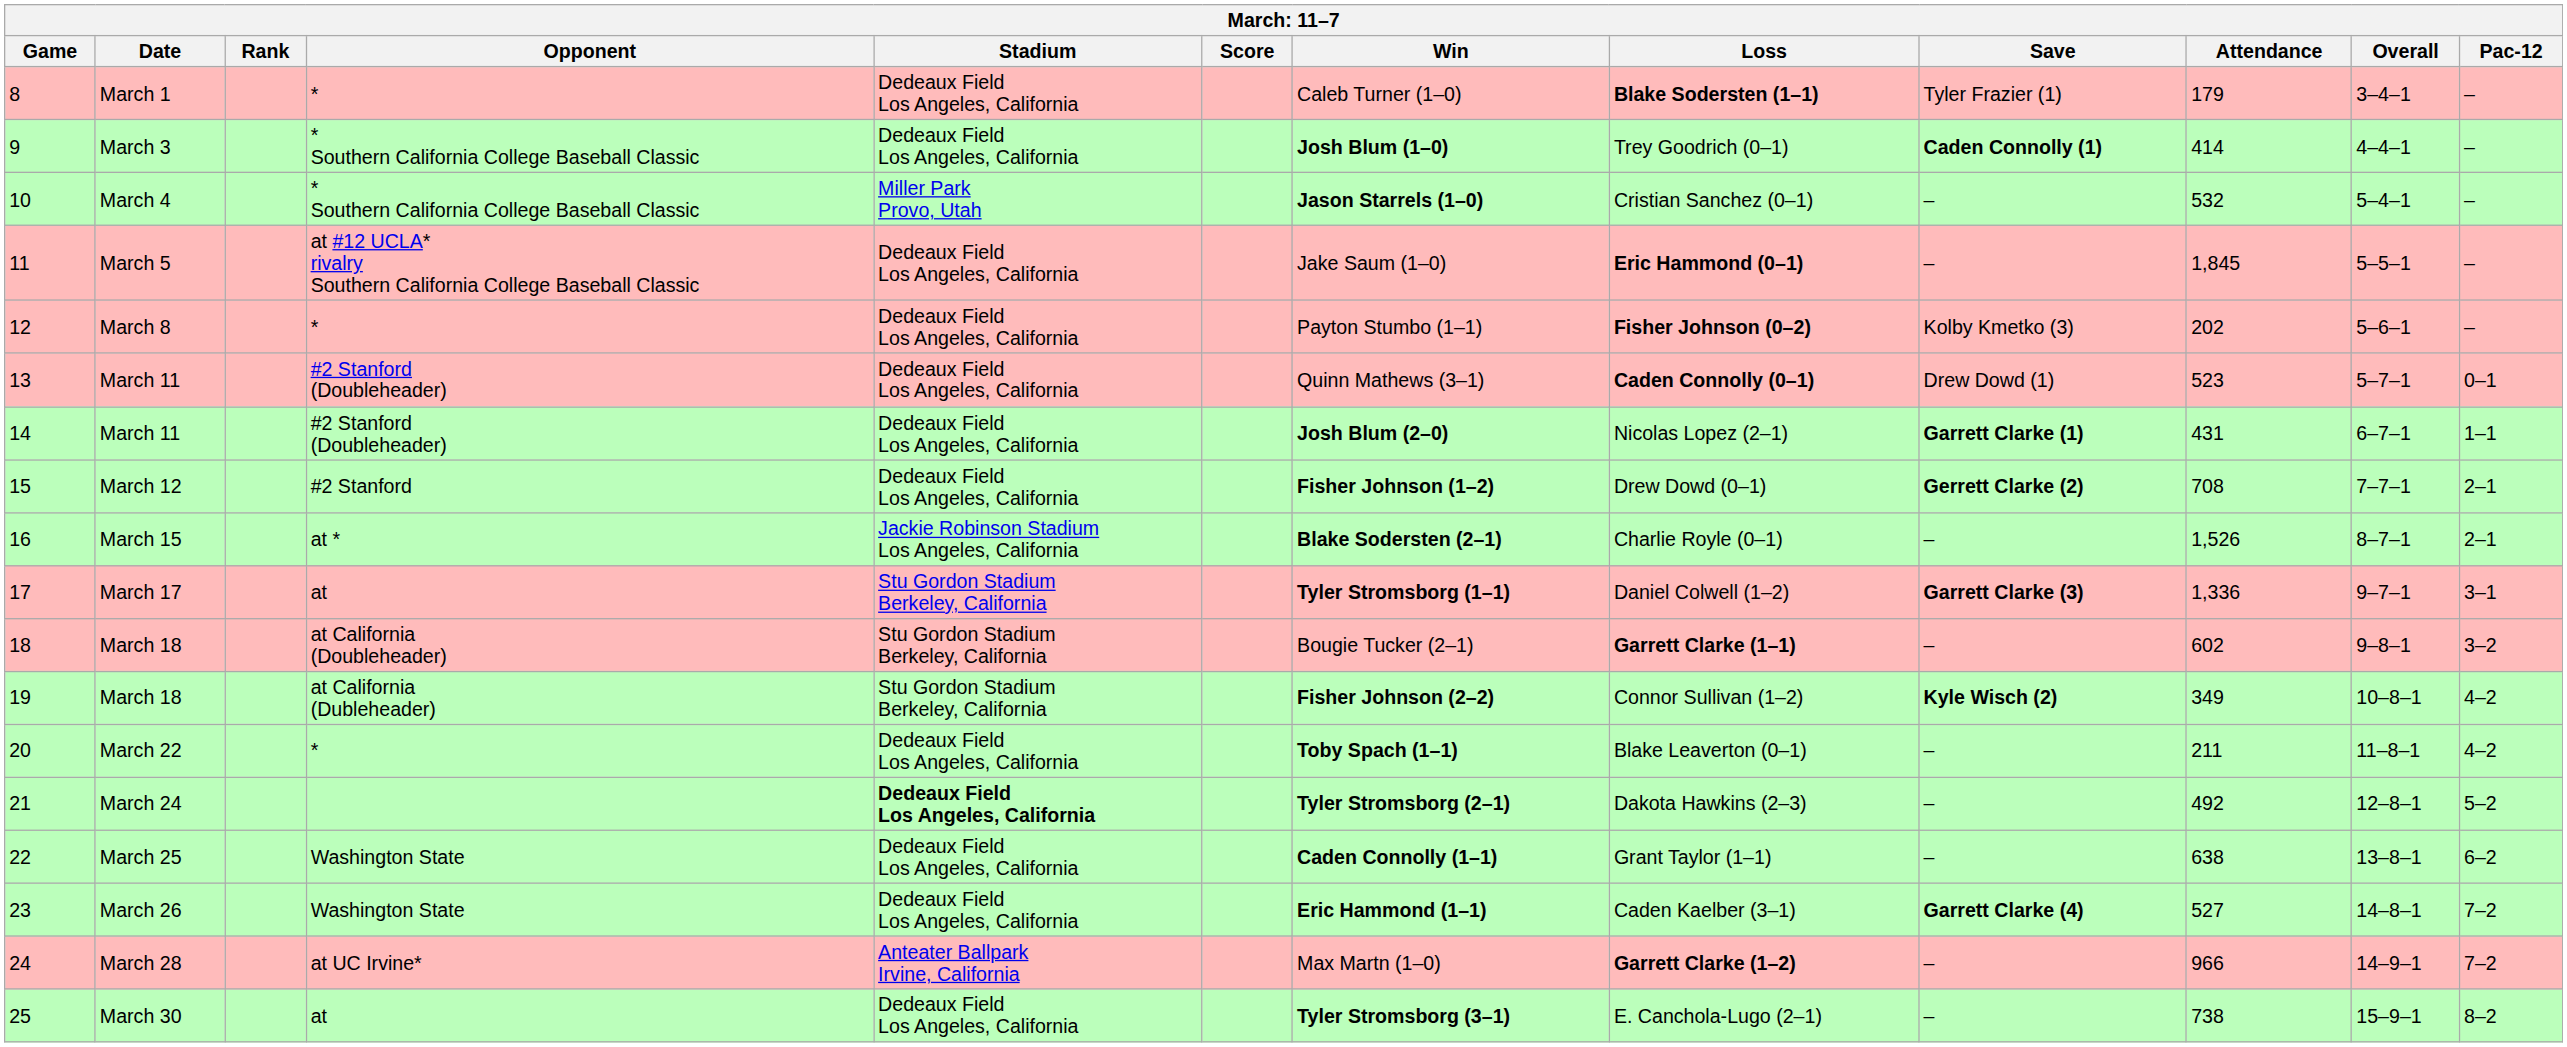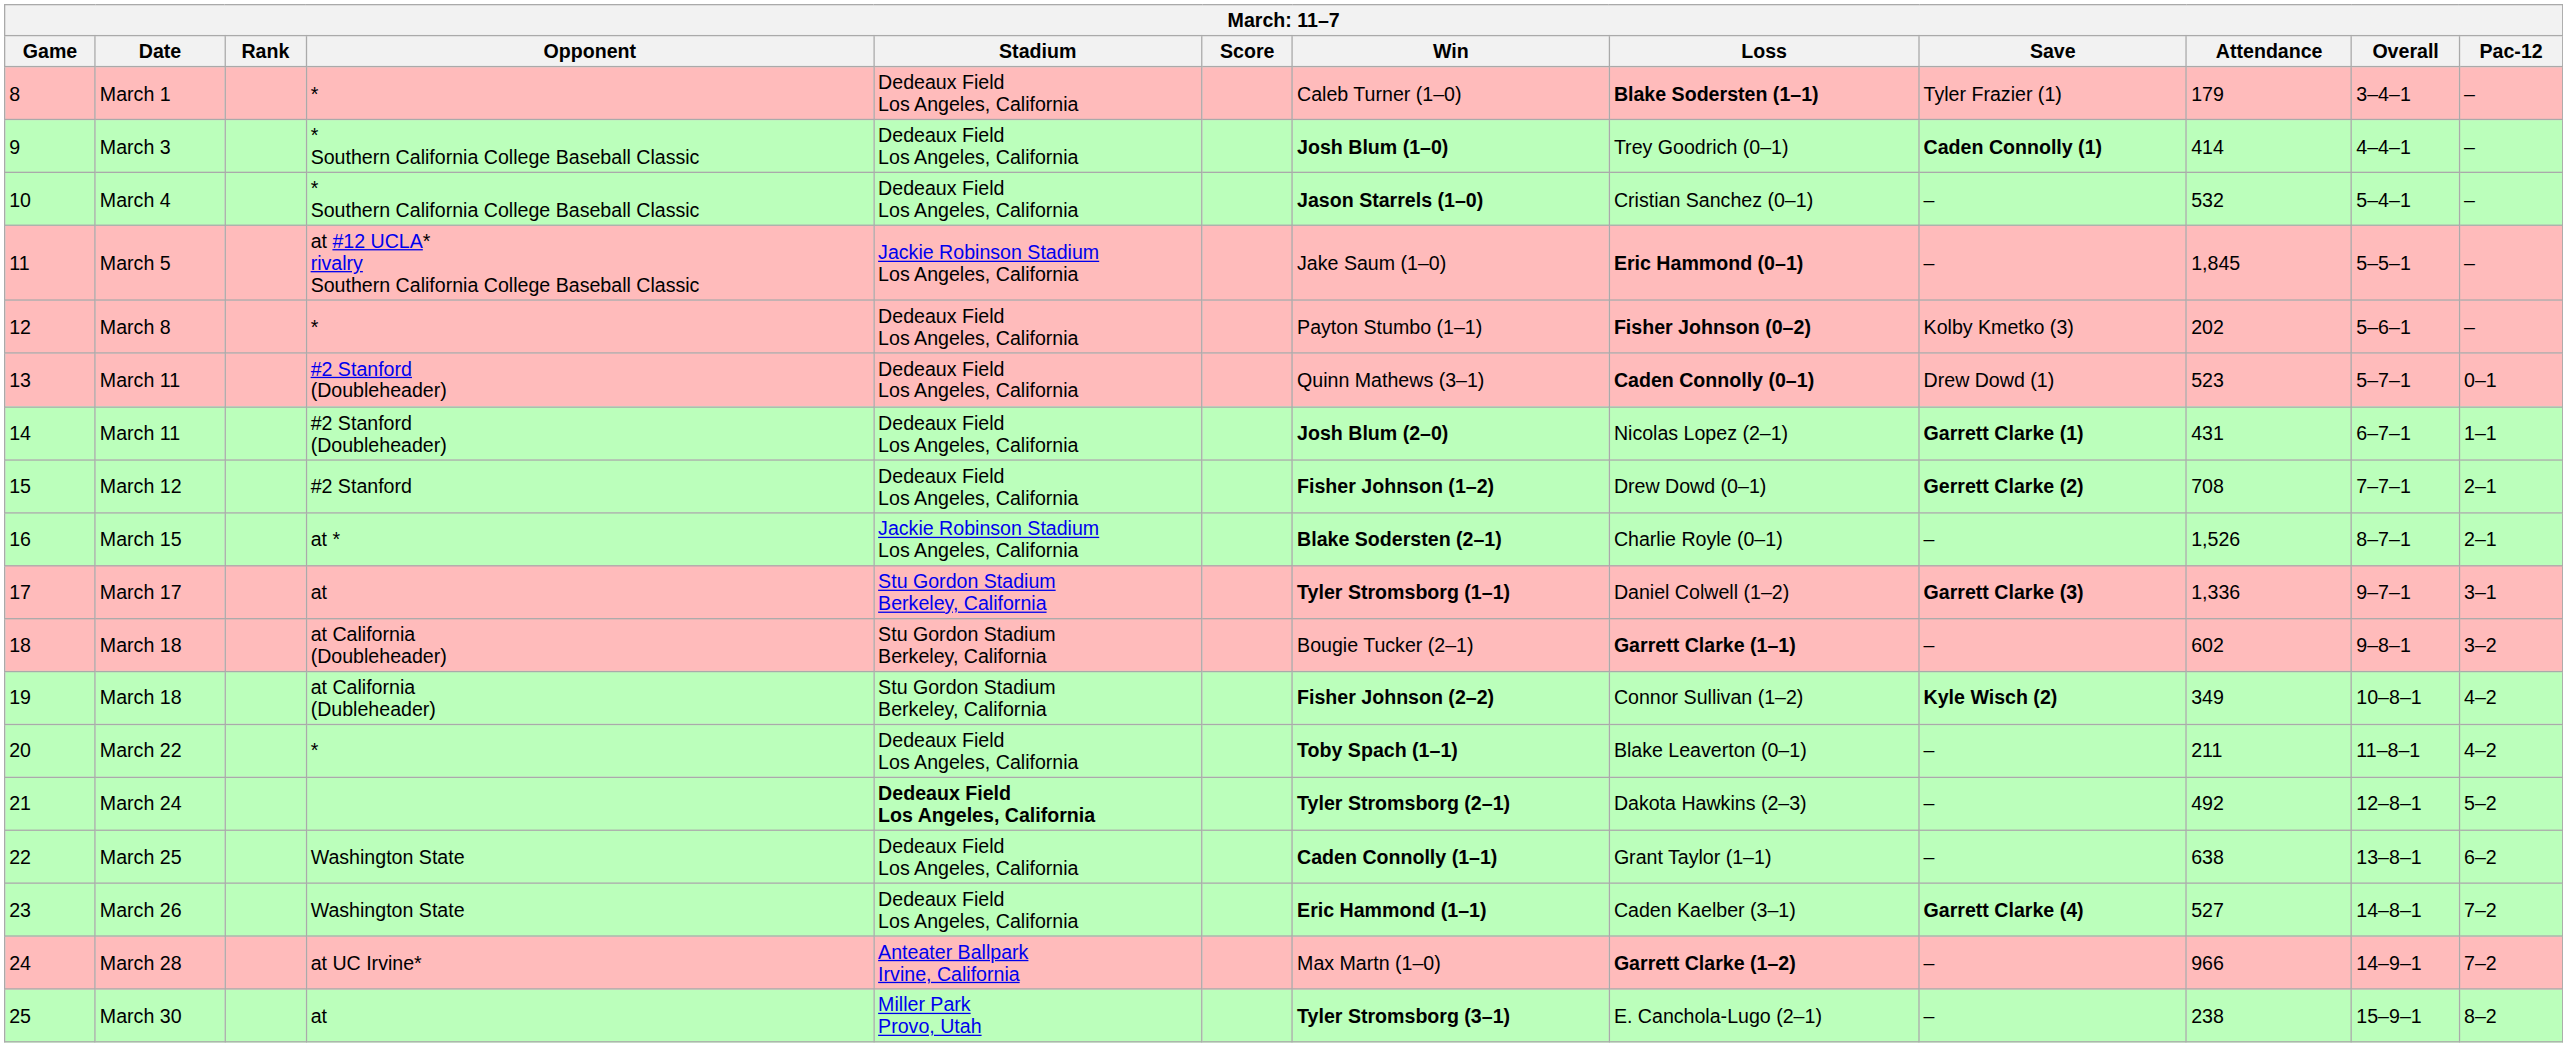 <table class="wikitable collapsible collapsed" style="margin:auto; font-size:95%; width:100%">
 <tr>
 <th colspan=12>March: 11–7</th>
 </tr>
 <tr>
 <th>Game</th>
 <th>Date</th>
 <th>Rank</th>
 <th>Opponent</th>
 <th>Stadium</th>
 <th>Score</th>
 <th>Win</th>
 <th>Loss</th>
 <th>Save</th>
 <th>Attendance</th>
 <th>Overall</th>
 <th>Pac-12</th>
 </tr>
 <tr style="background:#fbb;">
 <td>8</td>
 <td>March 1</td>
 <td></td>
 <td>*</td>
 <td>Dedeaux Field<br>Los Angeles, California</td>
 <td></td>
 <td>Caleb Turner (1–0)</td>
 <td><strong>Blake Sodersten (1–1)</strong></td>
 <td>Tyler Frazier (1)</td>
 <td>179</td>
 <td>3–4–1</td>
 <td>–</td>
 </tr>
 <tr style="background:#bfb;">
 <td>9</td>
 <td>March 3</td>
 <td></td>
 <td>*<br>Southern California College Baseball Classic</td>
 <td>Dedeaux Field<br>Los Angeles, California</td>
 <td></td>
 <td><strong>Josh Blum (1–0)</strong></td>
 <td>Trey Goodrich (0–1)</td>
 <td><strong>Caden Connolly (1)</strong></td>
 <td>414</td>
 <td>4–4–1</td>
 <td>–</td>
 </tr>
 <tr style="background:#bfb;">
 <td>10</td>
 <td>March 4</td>
 <td></td>
 <td>*<br>Southern California College Baseball Classic</td>
-<td><a href='#'>Miller Park</a><br><a href='#'>Provo, Utah</a></td>
+<td>Dedeaux Field<br>Los Angeles, California</td>
 <td></td>
 <td><strong>Jason Starrels (1–0)</strong></td>
 <td>Cristian Sanchez (0–1)</td>
 <td>–</td>
 <td>532</td>
 <td>5–4–1</td>
 <td>–</td>
 </tr>
 <tr style="background:#fbb;">
 <td>11</td>
 <td>March 5</td>
 <td></td>
 <td>at <a href='#'>#12 UCLA</a>*<br><a href='#'>rivalry</a><br>Southern California College Baseball Classic</td>
-<td>Dedeaux Field<br>Los Angeles, California</td>
+<td><a href='#'>Jackie Robinson Stadium</a><br>Los Angeles, California</td>
 <td></td>
 <td>Jake Saum (1–0)</td>
 <td><strong>Eric Hammond (0–1)</strong></td>
 <td>–</td>
 <td>1,845</td>
 <td>5–5–1</td>
 <td>–</td>
 </tr>
 <tr style="background:#fbb;">
 <td>12</td>
 <td>March 8</td>
 <td></td>
 <td>*</td>
 <td>Dedeaux Field<br>Los Angeles, California</td>
 <td></td>
 <td>Payton Stumbo (1–1)</td>
 <td><strong>Fisher Johnson (0–2)</strong></td>
 <td>Kolby Kmetko (3)</td>
 <td>202</td>
 <td>5–6–1</td>
 <td>–</td>
 </tr>
 <tr style="background:#fbb;">
 <td>13</td>
 <td>March 11</td>
 <td></td>
 <td><a href='#'>#2 Stanford</a><br>(Doubleheader)</td>
 <td>Dedeaux Field<br>Los Angeles, California</td>
 <td></td>
 <td>Quinn Mathews (3–1)</td>
 <td><strong>Caden Connolly (0–1)</strong></td>
 <td>Drew Dowd (1)</td>
 <td>523</td>
 <td>5–7–1</td>
 <td>0–1</td>
 </tr>
 <tr style="background:#bfb;">
 <td>14</td>
 <td>March 11</td>
 <td></td>
 <td>#2 Stanford<br>(Doubleheader)</td>
 <td>Dedeaux Field<br>Los Angeles, California</td>
 <td></td>
 <td><strong>Josh Blum (2–0)</strong></td>
 <td>Nicolas Lopez (2–1)</td>
 <td><strong>Garrett Clarke (1)</strong></td>
 <td>431</td>
 <td>6–7–1</td>
 <td>1–1</td>
 </tr>
 <tr style="background:#bfb;">
 <td>15</td>
 <td>March 12</td>
 <td></td>
 <td>#2 Stanford</td>
 <td>Dedeaux Field<br>Los Angeles, California</td>
 <td></td>
 <td><strong>Fisher Johnson (1–2)</strong></td>
 <td>Drew Dowd (0–1)</td>
 <td><strong>Gerrett Clarke (2)</strong></td>
 <td>708</td>
 <td>7–7–1</td>
 <td>2–1</td>
 </tr>
 <tr style="background:#bfb;">
 <td>16</td>
 <td>March 15</td>
 <td></td>
 <td>at *</td>
 <td><a href='#'>Jackie Robinson Stadium</a><br>Los Angeles, California</td>
 <td></td>
 <td><strong>Blake Sodersten (2–1)</strong></td>
 <td>Charlie Royle (0–1)</td>
 <td>–</td>
 <td>1,526</td>
 <td>8–7–1</td>
 <td>2–1</td>
 </tr>
 <tr style="background:#fbb;">
 <td>17</td>
 <td>March 17</td>
 <td></td>
 <td>at </td>
 <td><a href='#'>Stu Gordon Stadium</a><br><a href='#'>Berkeley, California</a></td>
 <td></td>
 <td><strong>Tyler Stromsborg (1–1)</strong></td>
 <td>Daniel Colwell (1–2)</td>
 <td><strong>Garrett Clarke (3)</strong></td>
 <td>1,336</td>
 <td>9–7–1</td>
 <td>3–1</td>
 </tr>
 <tr style="background:#fbb;">
 <td>18</td>
 <td>March 18</td>
 <td></td>
 <td>at California<br>(Doubleheader)</td>
 <td>Stu Gordon Stadium<br>Berkeley, California</td>
 <td><br></td>
 <td>Bougie Tucker (2–1)</td>
 <td><strong>Garrett Clarke (1–1)</strong></td>
 <td>–</td>
 <td>602</td>
 <td>9–8–1</td>
 <td>3–2</td>
 </tr>
 <tr style="background:#bfb;">
 <td>19</td>
 <td>March 18</td>
 <td></td>
 <td>at California<br>(Dubleheader)</td>
 <td>Stu Gordon Stadium<br>Berkeley, California</td>
 <td></td>
 <td><strong>Fisher Johnson (2–2)</strong></td>
 <td>Connor Sullivan (1–2)</td>
 <td><strong>Kyle Wisch (2)</strong></td>
 <td>349</td>
 <td>10–8–1</td>
 <td>4–2</td>
 </tr>
 <tr style="background:#bfb;">
 <td>20</td>
 <td>March 22</td>
 <td></td>
 <td>*</td>
 <td>Dedeaux Field<br>Los Angeles, California</td>
 <td></td>
 <td><strong>Toby Spach (1–1)</strong></td>
 <td>Blake Leaverton (0–1)</td>
 <td>–</td>
 <td>211</td>
 <td>11–8–1</td>
 <td>4–2</td>
 </tr>
 <tr style="background:#bfb;">
 <td>21</td>
 <td>March 24</td>
 <td></td>
 <td></td>
 <td><strong>Dedeaux Field<br>Los Angeles, California</strong></td>
 <td></td>
 <td><strong>Tyler Stromsborg (2–1)</strong></td>
 <td>Dakota Hawkins (2–3)</td>
 <td>–</td>
 <td>492</td>
 <td>12–8–1</td>
 <td>5–2</td>
 </tr>
 <tr style="background:#bfb;">
 <td>22</td>
 <td>March 25</td>
 <td></td>
 <td>Washington State</td>
 <td>Dedeaux Field<br>Los Angeles, California</td>
 <td></td>
 <td><strong>Caden Connolly (1–1)</strong></td>
 <td>Grant Taylor (1–1)</td>
 <td>–</td>
 <td>638</td>
 <td>13–8–1</td>
 <td>6–2</td>
 </tr>
 <tr style="background:#bfb;">
 <td>23</td>
 <td>March 26</td>
 <td></td>
 <td>Washington State</td>
 <td>Dedeaux Field<br>Los Angeles, California</td>
 <td></td>
 <td><strong>Eric Hammond (1–1)</strong></td>
 <td>Caden Kaelber (3–1)</td>
 <td><strong>Garrett Clarke (4)</strong></td>
 <td>527</td>
 <td>14–8–1</td>
 <td>7–2</td>
 </tr>
 <tr style="background:#fbb;">
 <td>24</td>
 <td>March 28</td>
 <td></td>
 <td>at UC Irvine*</td>
 <td><a href='#'>Anteater Ballpark</a><br><a href='#'>Irvine, California</a></td>
 <td><br></td>
 <td>Max Martn (1–0)</td>
 <td><strong>Garrett Clarke (1–2)</strong></td>
 <td>–</td>
 <td>966</td>
 <td>14–9–1</td>
 <td>7–2</td>
 </tr>
 <tr style="background:#bfb;">
 <td>25</td>
 <td>March 30</td>
 <td></td>
 <td>at </td>
-<td>Dedeaux Field<br>Los Angeles, California</td>
+<td><a href='#'>Miller Park</a><br><a href='#'>Provo, Utah</a></td>
 <td></td>
 <td><strong>Tyler Stromsborg (3–1)</strong></td>
 <td>E. Canchola-Lugo (2–1)</td>
 <td>–</td>
-<td>738</td>
+<td>238</td>
 <td>15–9–1</td>
 <td>8–2</td>
 </tr>
 </table>
